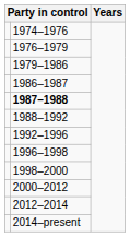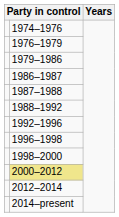 <table class="wikitable">
 <tr>
 <th colspan="2">Party in control</th>
 <th>Years</th>
 </tr>
 <tr>
 <td></td>
 <td>1974–1976</td>
 </tr>
 <tr>
 <td></td>
 <td>1976–1979</td>
 </tr>
 <tr>
 <td></td>
 <td>1979–1986</td>
 </tr>
 <tr>
 <td></td>
 <td>1986–1987</td>
 </tr>
 <tr>
 <td></td>
-<td><strong>1987–1988</strong></td>
+<td>1987–1988</td>
 </tr>
 <tr>
 <td></td>
 <td>1988–1992</td>
 </tr>
 <tr>
 <td></td>
 <td>1992–1996</td>
 </tr>
 <tr>
 <td></td>
 <td>1996–1998</td>
 </tr>
 <tr>
 <td></td>
 <td>1998–2000</td>
 </tr>
 <tr>
 <td></td>
-<td>2000–2012</td>
+<td style="background: khaki;">2000–2012</td>
 </tr>
 <tr>
 <td></td>
 <td>2012–2014</td>
 </tr>
 <tr>
 <td></td>
 <td>2014–present</td>
 </tr>
 </table>
